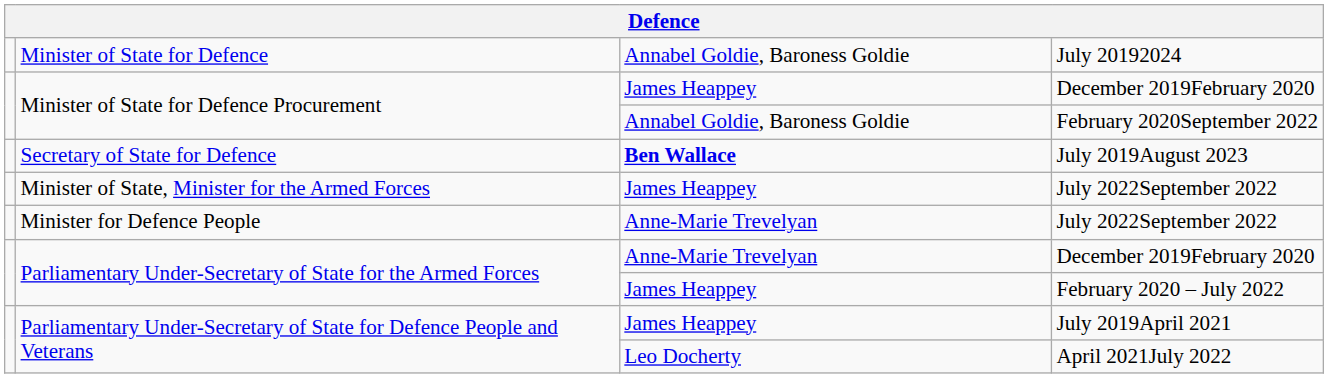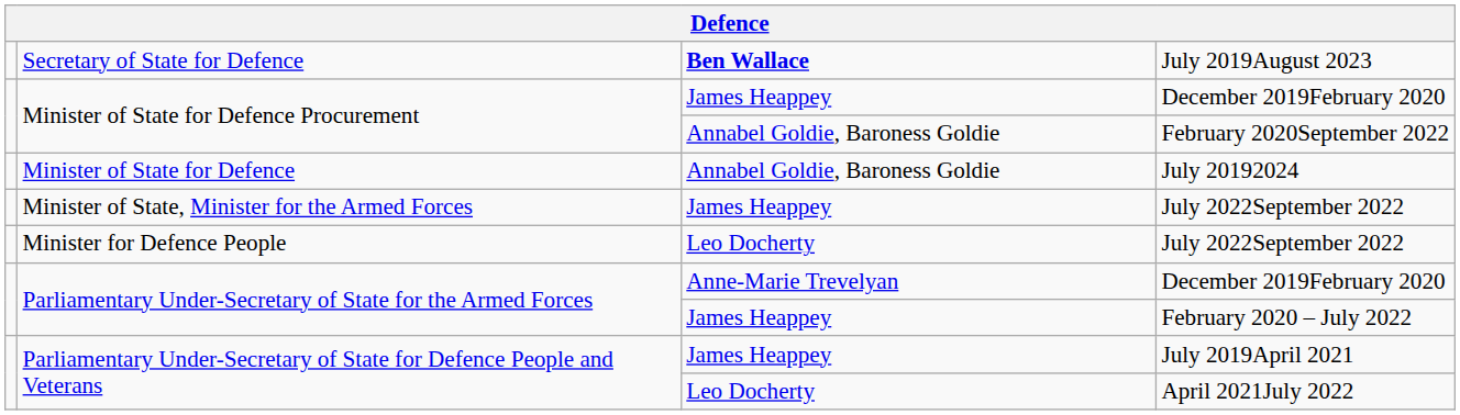 <table class="wikitable">
 <tr>
 <th colspan="4"><a href='#'>Defence</a></th>
 </tr>
 <tr>
 <td style="width: 1px; background: "></td>
-<td style="width: 450px;"><a href='#'>Minister of State for Defence</a></td>
-<td style="width: 320px;"><a href='#'>Annabel Goldie</a>,  Baroness Goldie </td>
-<td>July 20192024</td>
+<td style="width: 450px;"><a href='#'>Secretary of State for Defence</a></td>
+<td style="width: 320px;"><strong><a href='#'>Ben Wallace</a></strong></td>
+<td>July 2019August 2023</td>
 </tr>
 <tr>
 <td rowspan=2 style="width: 1px; background: "></td>
 <td rowspan=2 style="width: 450px;">Minister of State for Defence Procurement</td>
 <td style="width: 320px;"><a href='#'>James Heappey</a></td>
 <td>December 2019February 2020</td>
 </tr>
 <tr>
 <td style="width: 320px;"><a href='#'>Annabel Goldie</a>,  Baroness Goldie </td>
 <td>February 2020September 2022</td>
 </tr>
 <tr>
 <td style="width: 1px; background: "></td>
-<td style="width: 450px;"><a href='#'>Secretary of State for Defence</a></td>
-<td style="width: 320px;"><strong><a href='#'>Ben Wallace</a></strong></td>
-<td>July 2019August 2023</td>
+<td style="width: 450px;"><a href='#'>Minister of State for Defence</a></td>
+<td style="width: 320px;"><a href='#'>Annabel Goldie</a>,  Baroness Goldie </td>
+<td>July 20192024</td>
 </tr>
 <tr>
 <td style="width: 1px; background: "></td>
 <td>Minister of State, <a href='#'>Minister for the Armed Forces</a></td>
 <td><a href='#'>James Heappey</a></td>
 <td>July 2022September 2022</td>
 </tr>
 <tr>
 <td style="width: 1px; background: "></td>
 <td>Minister for Defence People</td>
-<td><a href='#'>Anne-Marie Trevelyan</a></td>
+<td><a href='#'>Leo Docherty</a></td>
 <td>July 2022September 2022</td>
 </tr>
 <tr>
 <td rowspan=2 style="width: 1px; background: "></td>
 <td rowspan=2><a href='#'>Parliamentary Under-Secretary of State for the Armed Forces</a></td>
 <td><a href='#'>Anne-Marie Trevelyan</a></td>
 <td>December 2019February 2020</td>
 </tr>
 <tr>
 <td><a href='#'>James Heappey</a></td>
 <td>February 2020 – July 2022</td>
 </tr>
 <tr>
 <td rowspan=2 style="width: 1px; background: "></td>
 <td rowspan="2" 450px><a href='#'>Parliamentary Under-Secretary of State for Defence People and Veterans</a></td>
 <td><a href='#'>James Heappey</a></td>
 <td>July 2019April 2021</td>
 </tr>
 <tr>
 <td><a href='#'>Leo Docherty</a> <br></td>
 <td>April 2021July 2022</td>
 </tr>
 </table>
